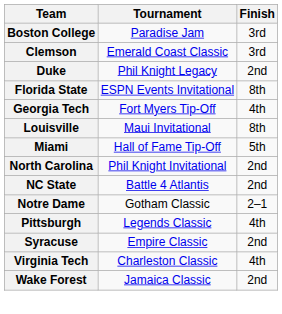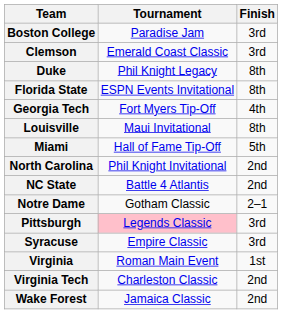 <table class="wikitable">
 <tr>
 <th>Team</th>
 <th>Tournament</th>
 <th>Finish</th>
 </tr>
 <tr style="text-align:center;">
 <th>Boston College</th>
 <td><a href='#'>Paradise Jam</a></td>
 <td>3rd</td>
 </tr>
 <tr style="text-align:center;">
 <th>Clemson</th>
 <td><a href='#'>Emerald Coast Classic</a></td>
 <td>3rd</td>
 </tr>
 <tr style="text-align:center;">
 <th>Duke</th>
 <td><a href='#'>Phil Knight Legacy</a></td>
-<td>2nd</td>
+<td>8th</td>
 </tr>
 <tr style="text-align:center;">
 <th>Florida State</th>
 <td><a href='#'>ESPN Events Invitational</a></td>
 <td>8th</td>
 </tr>
 <tr style="text-align:center;">
 <th>Georgia Tech</th>
 <td><a href='#'>Fort Myers Tip-Off</a></td>
 <td>4th</td>
 </tr>
 <tr style="text-align:center;">
 <th>Louisville</th>
 <td><a href='#'>Maui Invitational</a></td>
 <td>8th</td>
 </tr>
 <tr style="text-align:center;">
 <th>Miami</th>
 <td><a href='#'>Hall of Fame Tip-Off</a></td>
 <td>5th</td>
 </tr>
 <tr style="text-align:center;">
 <th>North Carolina</th>
 <td><a href='#'>Phil Knight Invitational</a></td>
 <td>2nd</td>
 </tr>
 <tr style="text-align:center;">
 <th>NC State</th>
 <td><a href='#'>Battle 4 Atlantis</a></td>
 <td>2nd</td>
 </tr>
 <tr style="text-align:center;">
 <th>Notre Dame</th>
 <td>Gotham Classic</td>
 <td>2–1</td>
 </tr>
 <tr style="text-align:center;">
 <th>Pittsburgh</th>
-<td><a href='#'>Legends Classic</a></td>
-<td>4th</td>
+<td style="background: pink;"><a href='#'>Legends Classic</a></td>
+<td>3rd</td>
 </tr>
 <tr style="text-align:center;">
 <th>Syracuse</th>
 <td><a href='#'>Empire Classic</a></td>
-<td>2nd</td>
+<td>3rd</td>
+</tr>
+<tr style="text-align:center;">
+<th>Virginia</th>
+<td><a href='#'>Roman Main Event</a></td>
+<td>1st</td>
 </tr>
 <tr style="text-align:center;">
 <th>Virginia Tech</th>
 <td><a href='#'>Charleston Classic</a></td>
-<td>4th</td>
+<td>2nd</td>
 </tr>
 <tr style="text-align:center;">
 <th>Wake Forest</th>
 <td><a href='#'>Jamaica Classic</a></td>
 <td>2nd</td>
 </tr>
 </table>
